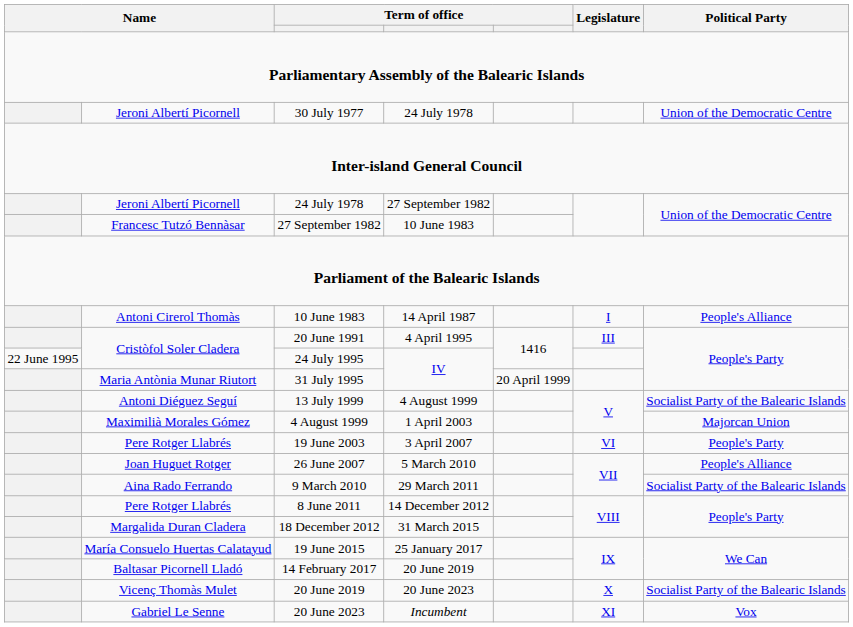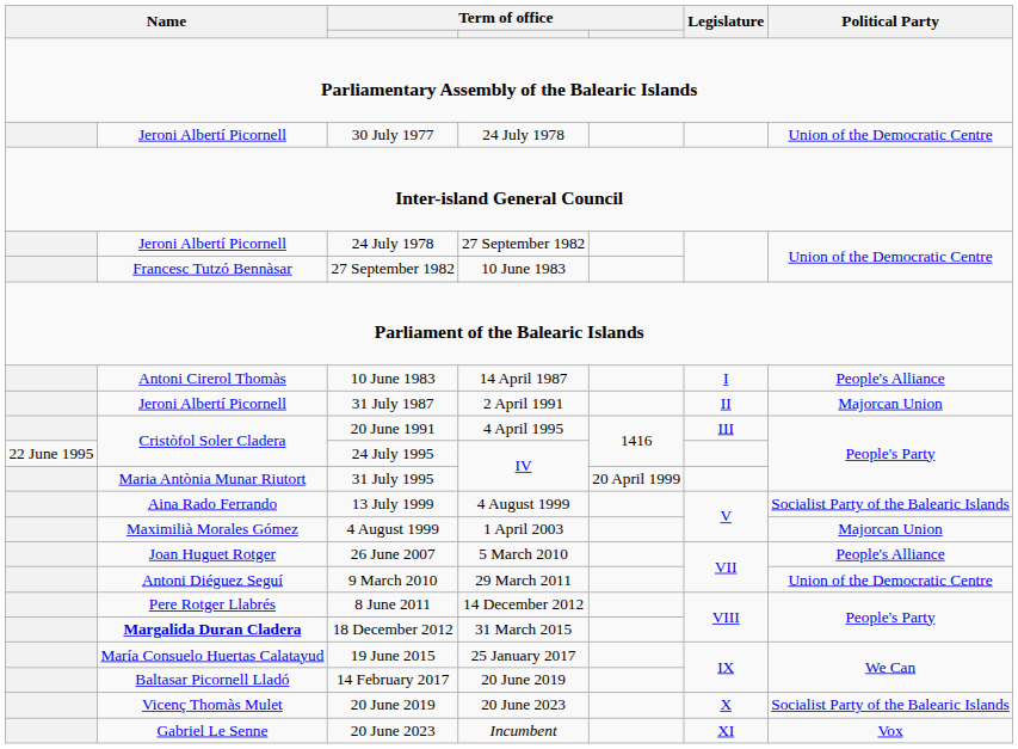 <table class="wikitable" style="text-align:center; border:1px #aaf solid;">
 <tr>
 <th rowspan="2" colspan="2">Name<br></th>
 <th colspan="3">Term of office</th>
 <th rowspan="2">Legislature</th>
 <th rowspan="2">Political Party</th>
 </tr>
 <tr>
 <th></th>
 <th></th>
 <th></th>
 </tr>
 <tr>
 <td colspan=7><br><h3>Parliamentary Assembly of the Balearic Islands</h3></td>
 </tr>
 <tr>
 <th style="background:"></th>
 <td><a href='#'>Jeroni Albertí Picornell</a><br></td>
 <td>30 July 1977</td>
 <td>24 July 1978</td>
 <td></td>
 <td></td>
 <td><a href='#'>Union of the Democratic Centre</a></td>
 </tr>
 <tr>
 <td colspan=7><br><h3>Inter-island General Council</h3></td>
 </tr>
 <tr>
 <th style="background:"></th>
 <td><a href='#'>Jeroni Albertí Picornell</a><br></td>
 <td>24 July 1978</td>
 <td>27 September 1982</td>
 <td></td>
 <td rowspan=2></td>
 <td rowspan="2" ><a href='#'>Union of the Democratic Centre</a></td>
 </tr>
 <tr>
 <th style="background:"></th>
 <td><a href='#'>Francesc Tutzó Bennàsar</a><br></td>
 <td>27 September 1982</td>
 <td>10 June 1983</td>
 <td></td>
 </tr>
 <tr>
 <td colspan=7><br><h3>Parliament  of the Balearic Islands</h3></td>
 </tr>
 <tr>
 <th style="background:"></th>
 <td><a href='#'>Antoni Cirerol Thomàs</a><br></td>
 <td>10 June 1983</td>
 <td>14 April 1987</td>
 <td></td>
 <td><a href='#'>I</a><br></td>
 <td><a href='#'>People's Alliance</a></td>
 </tr>
 <tr>
 <th style="background:"></th>
+<td><a href='#'>Jeroni Albertí Picornell</a><br></td>
+<td>31 July 1987</td>
+<td>2 April 1991</td>
+<td></td>
+<td><a href='#'>II</a><br></td>
+<td><a href='#'>Majorcan Union</a></td>
+</tr>
+<tr>
+<th style="background:"></th>
 <td rowspan=2><a href='#'>Cristòfol Soler Cladera</a><br></td>
 <td>20 June 1991</td>
 <td>4 April 1995</td>
 <td rowspan=2>1416</td>
 <td><a href='#'>III</a><br></td>
 <td rowspan=3 ><a href='#'>People's Party</a></td>
 </tr>
 <tr>
 <td>22 June 1995</td>
 <td>24 July 1995</td>
 <td rowspan=2><a href='#'>IV</a><br></td>
 </tr>
 <tr>
 <th style="background:"></th>
 <td><a href='#'>Maria Antònia Munar Riutort</a><br></td>
 <td>31 July 1995</td>
 <td>20 April 1999</td>
 <td></td>
 </tr>
 <tr>
 <th style="background:"></th>
-<td><a href='#'>Antoni Diéguez Seguí</a><br></td>
+<td><a href='#'>Aina Rado Ferrando</a><br></td>
 <td>13 July 1999</td>
 <td>4 August 1999</td>
 <td></td>
 <td rowspan=2><a href='#'>V</a><br></td>
 <td><a href='#'>Socialist Party of the Balearic Islands</a></td>
 </tr>
 <tr>
 <th style="background:"></th>
 <td><a href='#'>Maximilià Morales Gómez</a><br></td>
 <td>4 August 1999</td>
 <td>1 April 2003</td>
 <td></td>
 <td><a href='#'>Majorcan Union</a></td>
 </tr>
 <tr>
 <th style="background:"></th>
-<td><a href='#'>Pere Rotger Llabrés</a><br></td>
-<td>19 June 2003</td>
-<td>3 April 2007</td>
-<td></td>
-<td><a href='#'>VI</a><br></td>
-<td><a href='#'>People's Party</a></td>
-</tr>
-<tr>
-<th style="background:"></th>
 <td><a href='#'>Joan Huguet Rotger</a><br></td>
 <td>26 June 2007</td>
 <td>5 March 2010</td>
 <td></td>
 <td rowspan=2><a href='#'>VII</a><br></td>
 <td><a href='#'>People's Alliance</a></td>
 </tr>
 <tr>
 <th style="background:"></th>
-<td><a href='#'>Aina Rado Ferrando</a><br></td>
+<td><a href='#'>Antoni Diéguez Seguí</a><br></td>
 <td>9 March 2010</td>
 <td>29 March 2011</td>
 <td></td>
-<td><a href='#'>Socialist Party of the Balearic Islands</a></td>
+<td><a href='#'>Union of the Democratic Centre</a></td>
 </tr>
 <tr>
 <th style="background:"></th>
 <td><a href='#'>Pere Rotger Llabrés</a><br></td>
 <td>8 June 2011</td>
 <td>14 December 2012</td>
 <td></td>
 <td rowspan=2><a href='#'>VIII</a><br></td>
 <td rowspan=2 ><a href='#'>People's Party</a></td>
 </tr>
 <tr>
 <th style="background:"></th>
-<td><a href='#'>Margalida Duran Cladera</a><br></td>
+<td><strong><a href='#'>Margalida Duran Cladera</a><br></strong></td>
 <td>18 December 2012</td>
 <td>31 March 2015</td>
 <td></td>
 </tr>
 <tr>
 <th style="background:"></th>
 <td><a href='#'>María Consuelo Huertas Calatayud</a><br></td>
 <td>19 June 2015</td>
 <td>25 January 2017</td>
 <td></td>
 <td rowspan=2><a href='#'>IX</a><br></td>
 <td rowspan=2 ><a href='#'>We Can</a></td>
 </tr>
 <tr>
 <th style="background:"></th>
 <td><a href='#'>Baltasar Picornell Lladó</a><br></td>
 <td>14 February 2017</td>
 <td>20 June 2019</td>
 <td></td>
 </tr>
 <tr>
 <th style="background:"></th>
 <td><a href='#'>Vicenç Thomàs Mulet</a><br></td>
 <td>20 June 2019</td>
 <td>20 June 2023</td>
 <td></td>
 <td rowspan=1><a href='#'>X</a><br></td>
 <td rowspan=1 ><a href='#'>Socialist Party of the Balearic Islands</a></td>
 </tr>
 <tr>
 <th style="background:"></th>
 <td><a href='#'>Gabriel Le Senne</a><br></td>
 <td>20 June 2023</td>
 <td><em>Incumbent</em></td>
 <td></td>
 <td rowspan=1><a href='#'>XI</a><br></td>
 <td rowspan=1 ><a href='#'>Vox</a></td>
 </tr>
 </table>
